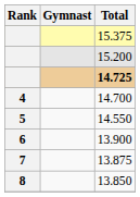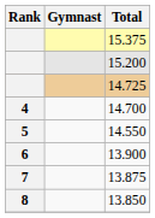 <table class="wikitable sortable" style="text-align:center; font-size:95%">
 <tr>
 <th scope=col>Rank</th>
 <th scope=col>Gymnast</th>
 <th scope=col>Total</th>
 </tr>
 <tr bgcolor=fffcaf>
 <th scope=row style="text-align:center"></th>
 <td align=left></td>
 <td>15.375</td>
 </tr>
 <tr bgcolor=e5e5e5>
 <th scope=row style="text-align:center"></th>
 <td align=left></td>
 <td>15.200</td>
 </tr>
 <tr bgcolor=eecc99>
 <th scope=row style="text-align:center"></th>
 <td align=left></td>
-<td><strong>14.725</strong></td>
+<td>14.725</td>
 </tr>
 <tr>
 <th scope=row style="text-align:center">4</th>
 <td align=left></td>
 <td>14.700</td>
 </tr>
 <tr>
 <th scope=row style="text-align:center">5</th>
 <td align=left></td>
 <td>14.550</td>
 </tr>
 <tr>
 <th scope=row style="text-align:center">6</th>
 <td align=left></td>
 <td>13.900</td>
 </tr>
 <tr>
 <th scope=row style="text-align:center">7</th>
 <td align=left></td>
 <td>13.875</td>
 </tr>
 <tr>
 <th scope=row style="text-align:center">8</th>
 <td align=left></td>
 <td>13.850</td>
 </tr>
 <tr>
 </tr>
 </table>
